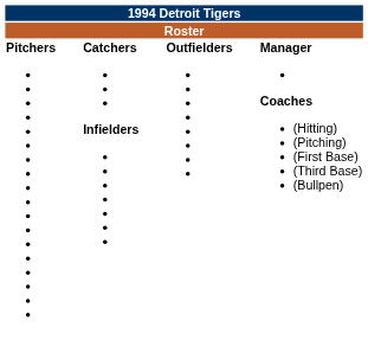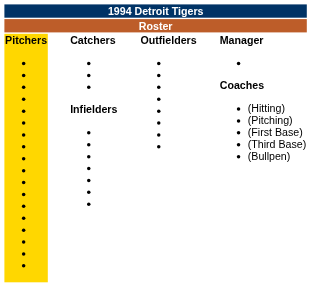 <table class="toccolours" style="font-size: 95%;">
 <tr>
 <th colspan="10" style="background-color: #003366; color: white; text-align: center;">1994 Detroit Tigers</th>
 </tr>
 <tr>
 <td colspan="10" style="background-color: #bd5d29; color: white; text-align: center;"><strong>Roster</strong></td>
 </tr>
 <tr>
-<td valign="top"><strong>Pitchers</strong><br><ul><li></li><li></li><li></li><li></li><li></li><li></li><li></li><li></li><li></li><li></li><li></li><li></li><li></li><li></li><li></li><li></li><li></li><li></li></ul></td>
+<td valign="top" style="background: gold;"><strong>Pitchers</strong><br><ul><li></li><li></li><li></li><li></li><li></li><li></li><li></li><li></li><li></li><li></li><li></li><li></li><li></li><li></li><li></li><li></li><li></li><li></li></ul></td>
 <td width="25px"></td>
 <td valign="top"><strong>Catchers</strong><br><ul><li></li><li></li><li></li></ul><strong>Infielders</strong><ul><li></li><li></li><li></li><li></li><li></li><li></li><li></li></ul></td>
 <td width="25px"></td>
 <td valign="top"><strong>Outfielders</strong><br><ul><li></li><li></li><li></li><li></li><li></li><li></li><li></li><li></li></ul></td>
 <td width="25px"></td>
 <td valign="top"><strong>Manager</strong><br><ul><li></li></ul><strong>Coaches</strong><ul><li> (Hitting)</li><li> (Pitching)</li><li> (First Base)</li><li> (Third Base)</li><li> (Bullpen)</li></ul></td>
 </tr>
 <tr>
 </tr>
 </table>
